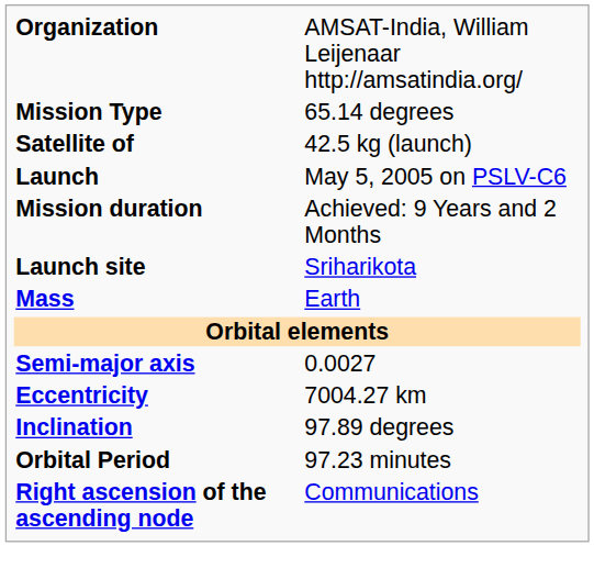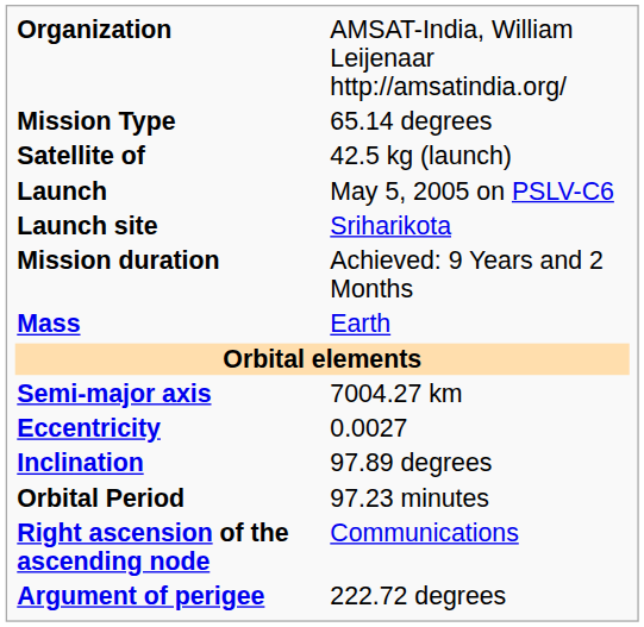 <table class="infobox" style="width: 25em; text-align: left;">
 <tr style="vertical-align:top;">
 <th>Organization</th>
 <td>AMSAT-India, William Leijenaar<br>http://amsatindia.org/</td>
 </tr>
 <tr style="vertical-align:top;">
 <th>Mission Type</th>
 <td>65.14 degrees</td>
 </tr>
 <tr style="vertical-align:top;">
 <th>Satellite of</th>
 <td>42.5 kg (launch)</td>
 </tr>
 <tr style="vertical-align:top;">
 <th>Launch</th>
 <td>May 5, 2005 on <a href='#'>PSLV-C6</a></td>
 </tr>
 <tr style="vertical-align:top;">
+<th>Launch site</th>
+<td><a href='#'>Sriharikota</a></td>
+</tr>
+<tr style="vertical-align:top;">
 <th>Mission duration</th>
 <td>Achieved: 9 Years and 2 Months</td>
-</tr>
-<tr style="vertical-align:top;">
-<th>Launch site</th>
-<td><a href='#'>Sriharikota</a></td>
 </tr>
 <tr style="vertical-align:top;">
 <th><a href='#'>Mass</a></th>
 <td><a href='#'>Earth</a></td>
 </tr>
 <tr>
 <th colspan="2" bgcolor="#FFDEAD" align="center">Orbital elements</th>
 </tr>
 <tr style="vertical-align:top;">
 <th><a href='#'>Semi-major axis</a></th>
-<td>0.0027</td>
+<td>7004.27 km</td>
 </tr>
 <tr style="vertical-align:top;">
 <th><a href='#'>Eccentricity</a></th>
-<td>7004.27 km</td>
+<td>0.0027</td>
 </tr>
 <tr style="vertical-align:top;">
 <th><a href='#'>Inclination</a></th>
 <td>97.89 degrees</td>
 </tr>
 <tr style="vertical-align:top;">
 <th>Orbital Period</th>
 <td>97.23 minutes</td>
 </tr>
 <tr style="vertical-align:top;">
 <th><a href='#'>Right ascension</a> of the <a href='#'>ascending node</a></th>
 <td><a href='#'>Communications</a></td>
 </tr>
+<tr style="vertical-align:top;">
+<th><a href='#'>Argument of perigee</a></th>
+<td>222.72 degrees</td>
+</tr>
 </table>
